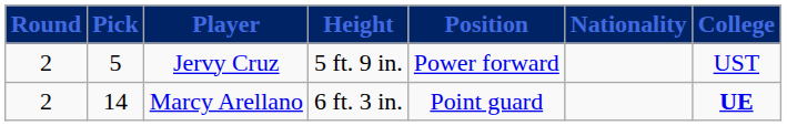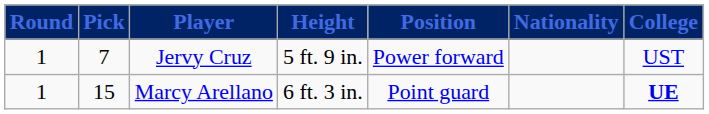 <table class="wikitable sortable sortable">
 <tr>
 <th style="background:#002366; color:#4169E1; ">Round</th>
 <th style="background:#002366; color:#4169E1; ">Pick</th>
 <th style="background:#002366; color:#4169E1; ">Player</th>
 <th style="background:#002366; color:#4169E1; ">Height</th>
 <th style="background:#002366; color:#4169E1; ">Position</th>
 <th style="background:#002366; color:#4169E1; ">Nationality</th>
 <th style="background:#002366; color:#4169E1; ">College</th>
 </tr>
 <tr style="text-align: center">
-<td>2</td>
-<td>5</td>
+<td>1</td>
+<td>7</td>
 <td><a href='#'>Jervy Cruz</a></td>
 <td>5 ft. 9 in.</td>
 <td><a href='#'>Power forward</a></td>
 <td></td>
 <td><a href='#'>UST</a></td>
 </tr>
 <tr style="text-align: center">
-<td>2</td>
-<td>14</td>
+<td>1</td>
+<td>15</td>
 <td><a href='#'>Marcy Arellano</a></td>
 <td>6 ft. 3 in.</td>
 <td><a href='#'>Point guard</a></td>
 <td></td>
 <td><strong><a href='#'>UE</a></strong></td>
 </tr>
 </table>
